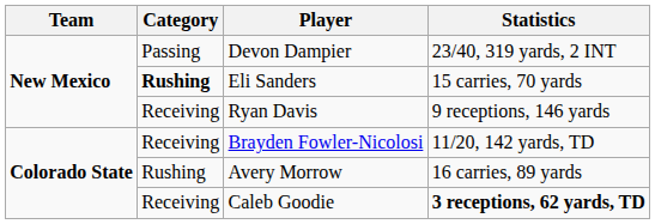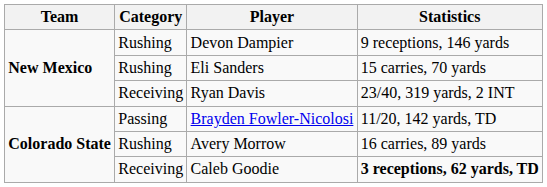 <table class="wikitable" style="float: right;">
 <tr>
 <th>Team</th>
 <th>Category</th>
 <th>Player</th>
 <th>Statistics</th>
 </tr>
 <tr>
 <td rowspan=3><strong>New Mexico</strong></td>
-<td>Passing</td>
+<td>Rushing</td>
 <td>Devon Dampier</td>
-<td>23/40, 319 yards, 2 INT</td>
+<td>9 receptions, 146 yards</td>
 </tr>
 <tr>
-<td><strong>Rushing</strong></td>
+<td>Rushing</td>
 <td>Eli Sanders</td>
 <td>15 carries, 70 yards</td>
 </tr>
 <tr>
 <td>Receiving</td>
 <td>Ryan Davis</td>
-<td>9 receptions, 146 yards</td>
+<td>23/40, 319 yards, 2 INT</td>
 </tr>
 <tr>
 <td rowspan=3><strong>Colorado State</strong></td>
-<td>Receiving</td>
+<td>Passing</td>
 <td><a href='#'>Brayden Fowler-Nicolosi</a></td>
 <td>11/20, 142 yards, TD</td>
 </tr>
 <tr>
 <td>Rushing</td>
 <td>Avery Morrow</td>
 <td>16 carries, 89 yards</td>
 </tr>
 <tr>
 <td>Receiving</td>
 <td>Caleb Goodie</td>
 <td><strong>3 receptions, 62 yards, TD</strong></td>
 </tr>
 </table>
